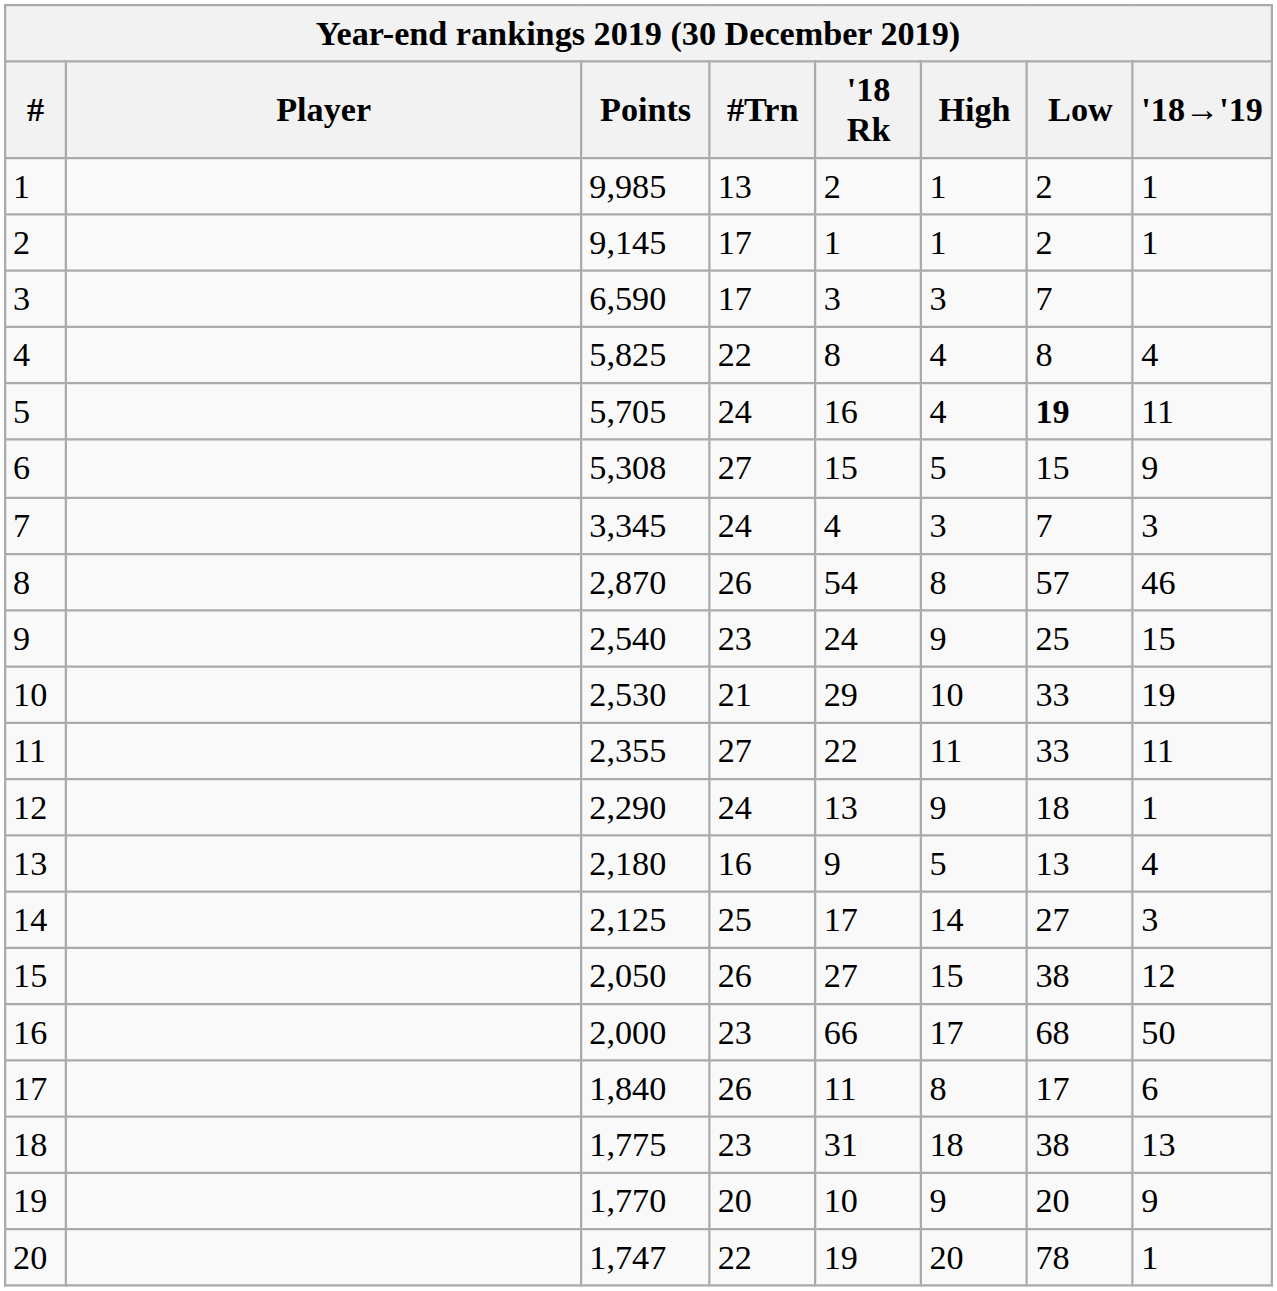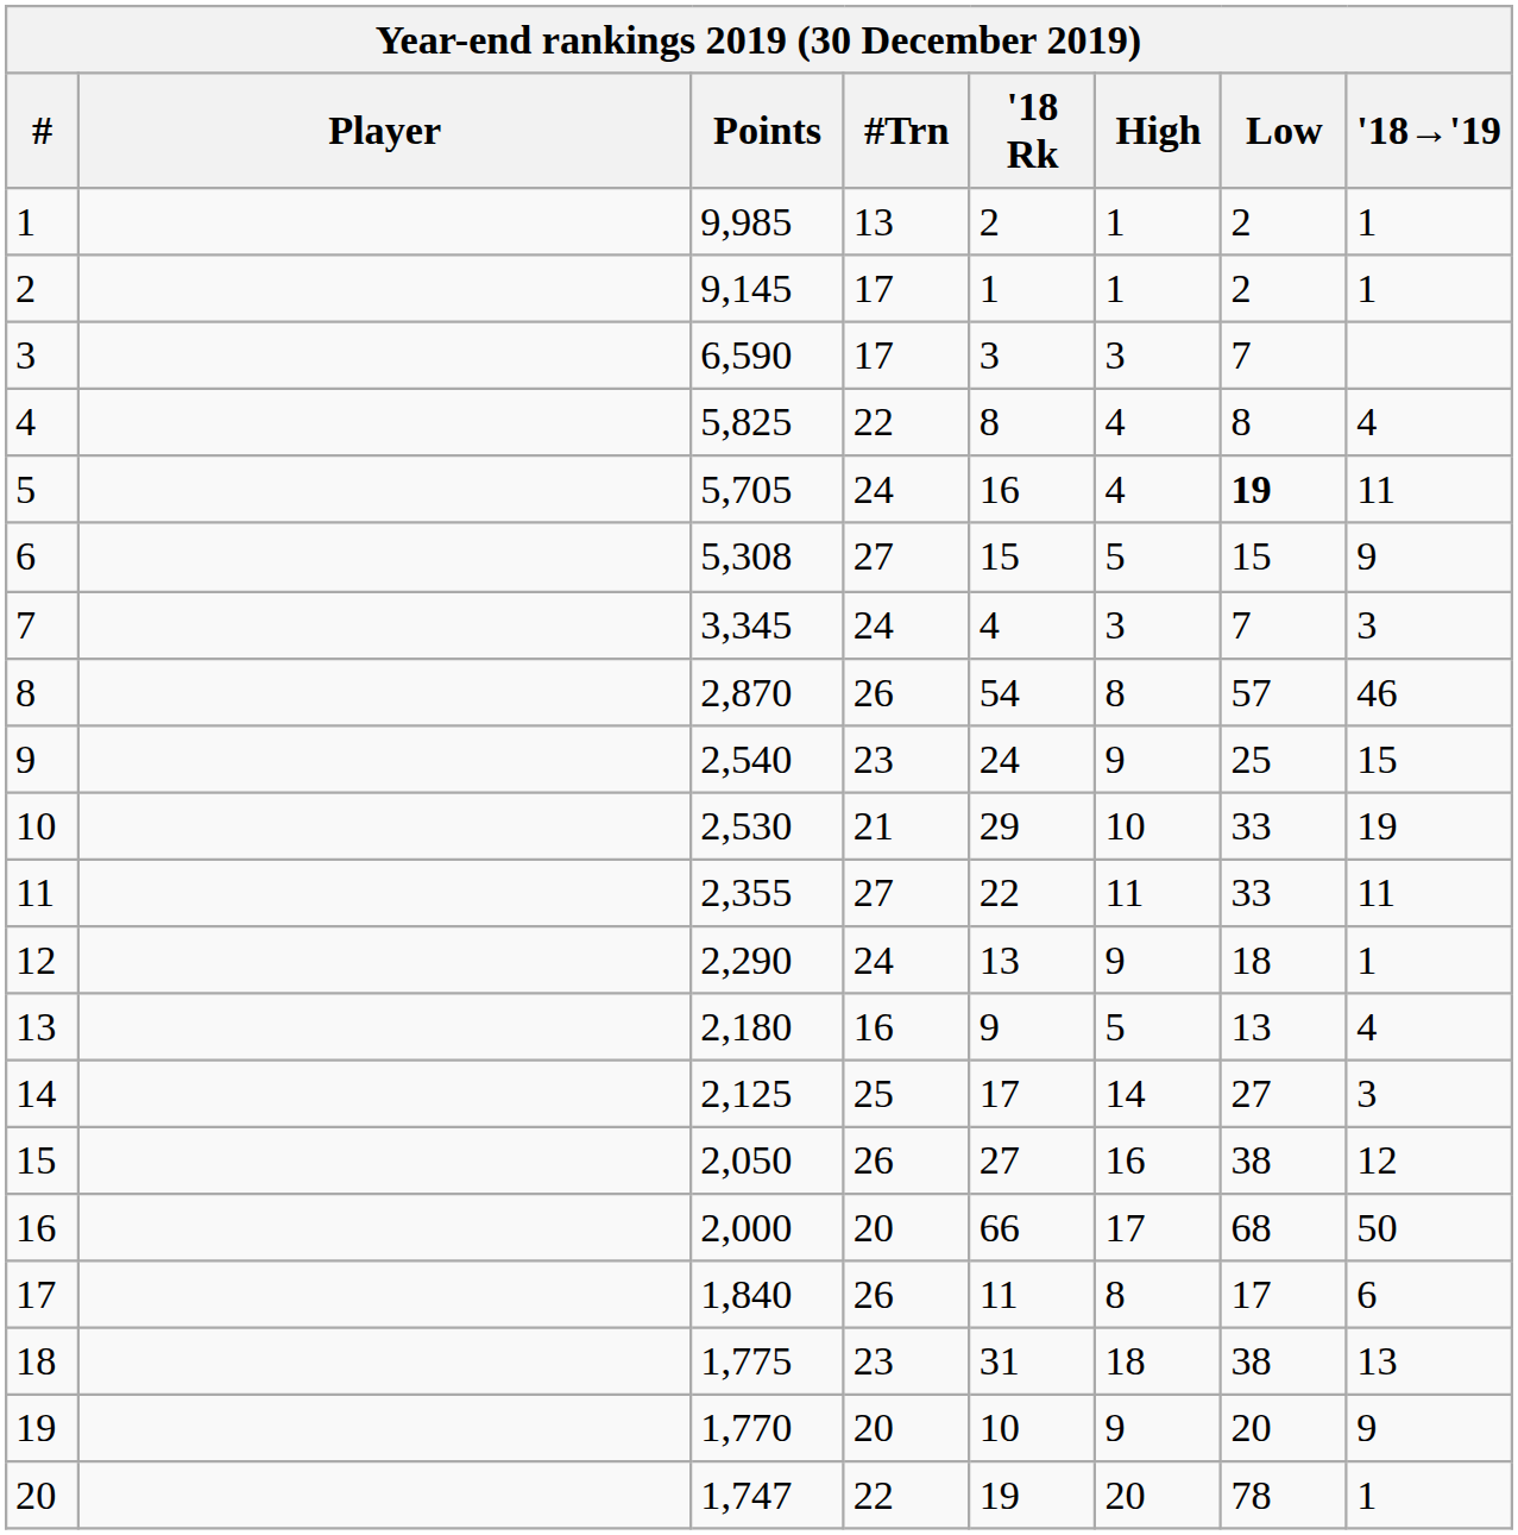 <table class="wikitable" style="font-size:95%">
 <tr>
 <th colspan=8>Year-end rankings 2019 (30 December 2019)</th>
 </tr>
 <tr>
 <th width=20>#</th>
 <th width=222>Player</th>
 <th width=50>Points</th>
 <th width=40>#Trn</th>
 <th width=40>'18 Rk</th>
 <th width=40>High</th>
 <th width=40>Low</th>
 <th width=50>'18→'19</th>
 </tr>
 <tr>
 <td>1</td>
 <td align="left"></td>
 <td>9,985</td>
 <td>13</td>
 <td>2</td>
 <td>1</td>
 <td>2</td>
 <td>1</td>
 </tr>
 <tr>
 <td>2</td>
 <td align="left"></td>
 <td>9,145</td>
 <td>17</td>
 <td>1</td>
 <td>1</td>
 <td>2</td>
 <td>1</td>
 </tr>
 <tr>
 <td>3</td>
 <td align="left"></td>
 <td>6,590</td>
 <td>17</td>
 <td>3</td>
 <td>3</td>
 <td>7</td>
 <td></td>
 </tr>
 <tr>
 <td>4</td>
 <td align="left"></td>
 <td>5,825</td>
 <td>22</td>
 <td>8</td>
 <td>4</td>
 <td>8</td>
 <td>4</td>
 </tr>
 <tr>
 <td>5</td>
 <td align="left"></td>
 <td>5,705</td>
 <td>24</td>
 <td>16</td>
 <td>4</td>
 <td><strong>19</strong></td>
 <td>11</td>
 </tr>
 <tr>
 <td>6</td>
 <td align="left"></td>
 <td>5,308</td>
 <td>27</td>
 <td>15</td>
 <td>5</td>
 <td>15</td>
 <td>9</td>
 </tr>
 <tr>
 <td>7</td>
 <td align="left"></td>
 <td>3,345</td>
 <td>24</td>
 <td>4</td>
 <td>3</td>
 <td>7</td>
 <td>3</td>
 </tr>
 <tr>
 <td>8</td>
 <td align="left"></td>
 <td>2,870</td>
 <td>26</td>
 <td>54</td>
 <td>8</td>
 <td>57</td>
 <td>46</td>
 </tr>
 <tr>
 <td>9</td>
 <td align="left"></td>
 <td>2,540</td>
 <td>23</td>
 <td>24</td>
 <td>9</td>
 <td>25</td>
 <td>15</td>
 </tr>
 <tr>
 <td>10</td>
 <td align="left"></td>
 <td>2,530</td>
 <td>21</td>
 <td>29</td>
 <td>10</td>
 <td>33</td>
 <td>19</td>
 </tr>
 <tr>
 <td>11</td>
 <td align="left"></td>
 <td>2,355</td>
 <td>27</td>
 <td>22</td>
 <td>11</td>
 <td>33</td>
 <td>11</td>
 </tr>
 <tr>
 <td>12</td>
 <td align="left"></td>
 <td>2,290</td>
 <td>24</td>
 <td>13</td>
 <td>9</td>
 <td>18</td>
 <td>1</td>
 </tr>
 <tr>
 <td>13</td>
 <td align="left"></td>
 <td>2,180</td>
 <td>16</td>
 <td>9</td>
 <td>5</td>
 <td>13</td>
 <td>4</td>
 </tr>
 <tr>
 <td>14</td>
 <td align="left"></td>
 <td>2,125</td>
 <td>25</td>
 <td>17</td>
 <td>14</td>
 <td>27</td>
 <td>3</td>
 </tr>
 <tr>
 <td>15</td>
 <td align="left"></td>
 <td>2,050</td>
 <td>26</td>
 <td>27</td>
-<td>15</td>
+<td>16</td>
 <td>38</td>
 <td>12</td>
 </tr>
 <tr>
 <td>16</td>
 <td align="left"></td>
 <td>2,000</td>
-<td>23</td>
+<td>20</td>
 <td>66</td>
 <td>17</td>
 <td>68</td>
 <td>50</td>
 </tr>
 <tr>
 <td>17</td>
 <td align="left"></td>
 <td>1,840</td>
 <td>26</td>
 <td>11</td>
 <td>8</td>
 <td>17</td>
 <td>6</td>
 </tr>
 <tr>
 <td>18</td>
 <td align="left"></td>
 <td>1,775</td>
 <td>23</td>
 <td>31</td>
 <td>18</td>
 <td>38</td>
 <td>13</td>
 </tr>
 <tr>
 <td>19</td>
 <td align="left"></td>
 <td>1,770</td>
 <td>20</td>
 <td>10</td>
 <td>9</td>
 <td>20</td>
 <td>9</td>
 </tr>
 <tr>
 <td>20</td>
 <td align="left"></td>
 <td>1,747</td>
 <td>22</td>
 <td>19</td>
 <td>20</td>
 <td>78</td>
 <td>1</td>
 </tr>
 </table>
